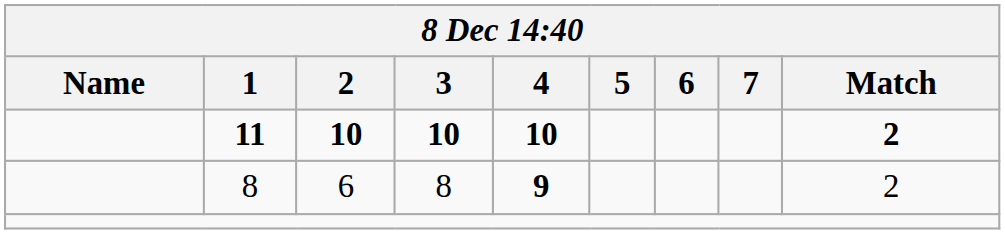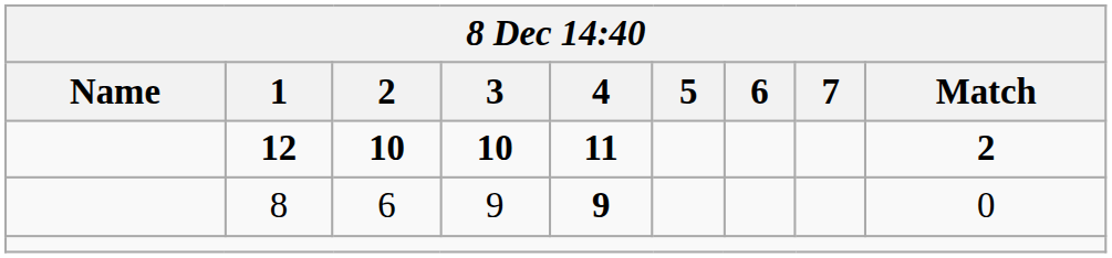 <table class=wikitable style="text-align:center; width: 55%">
 <tr>
 <th colspan=17><em> 8 Dec 14:40</em></th>
 </tr>
 <tr>
 <th>Name</th>
 <th>1</th>
 <th>2</th>
 <th>3</th>
 <th>4</th>
 <th>5</th>
 <th>6</th>
 <th>7</th>
 <th>Match</th>
 </tr>
 <tr>
 <td style="text-align:left;"><strong></strong></td>
-<td><strong>11</strong></td>
+<td><strong>12</strong></td>
 <td><strong>10</strong></td>
 <td><strong>10</strong></td>
-<td><strong>10</strong></td>
+<td><strong>11</strong></td>
 <td></td>
 <td></td>
 <td></td>
 <td><strong>2</strong></td>
 </tr>
 <tr>
 <td style="text-align:left;"></td>
 <td>8</td>
 <td>6</td>
-<td>8</td>
+<td>9</td>
 <td><strong>9</strong></td>
 <td></td>
 <td></td>
 <td></td>
-<td>2</td>
+<td>0</td>
 </tr>
 <tr>
 <td colspan=17></td>
 </tr>
 </table>
